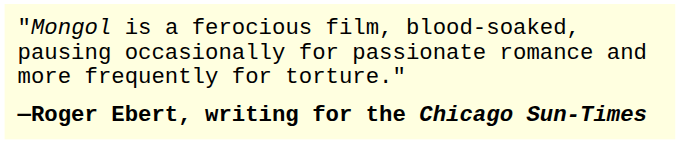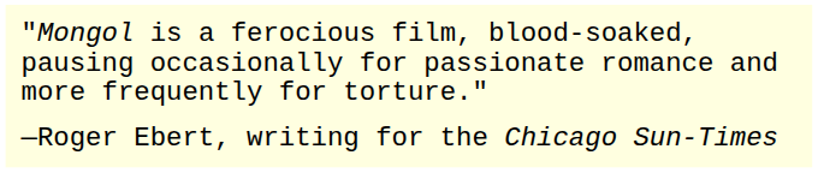 <table class="toccolours" style="float: right; margin-left: 1em; margin-right: 2em; font-size: 85%; background:#FFFFE0; color:black; width:30em; max-width: 40%;" cellspacing="5">
 <tr>
 <td style="text-align: left;">"<em>Mongol</em> is a ferocious film, blood-soaked, pausing occasionally for passionate romance and more frequently for torture."</td>
 </tr>
 <tr>
-<td style="text-align: left;"><strong>—Roger Ebert, writing for the <em>Chicago Sun-Times</em></strong></td>
+<td style="text-align: left;">—Roger Ebert, writing for the <em>Chicago Sun-Times</em></td>
 </tr>
 </table>
